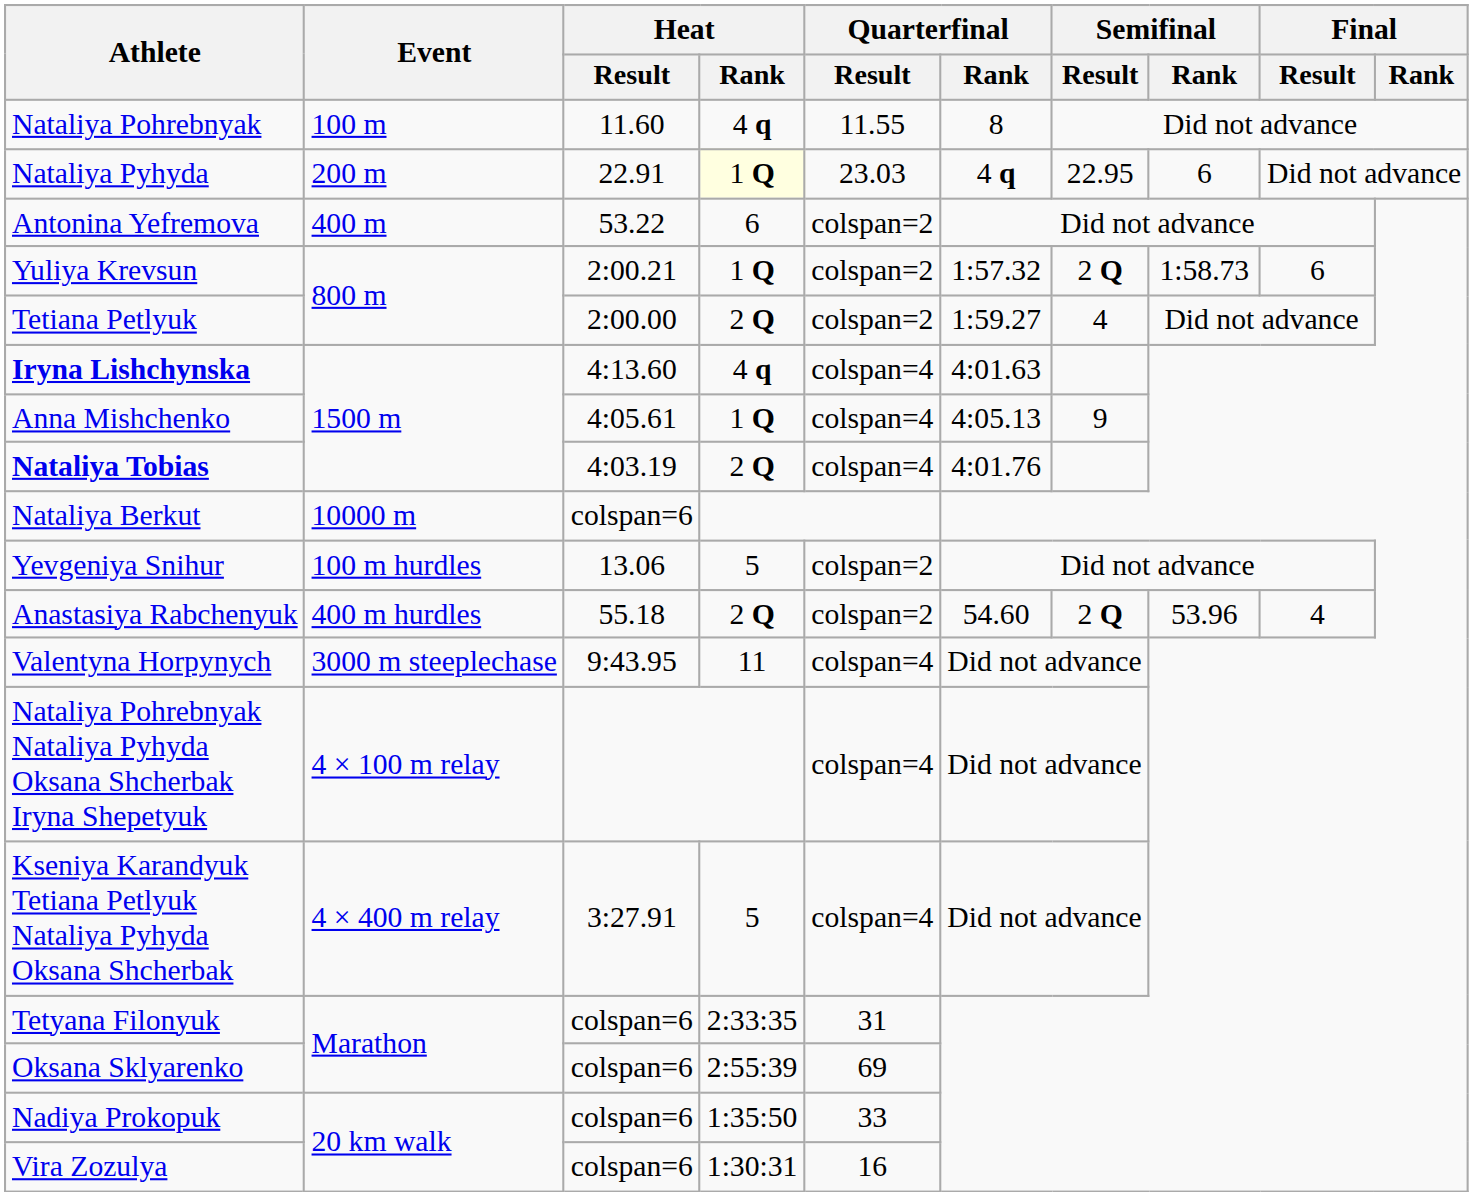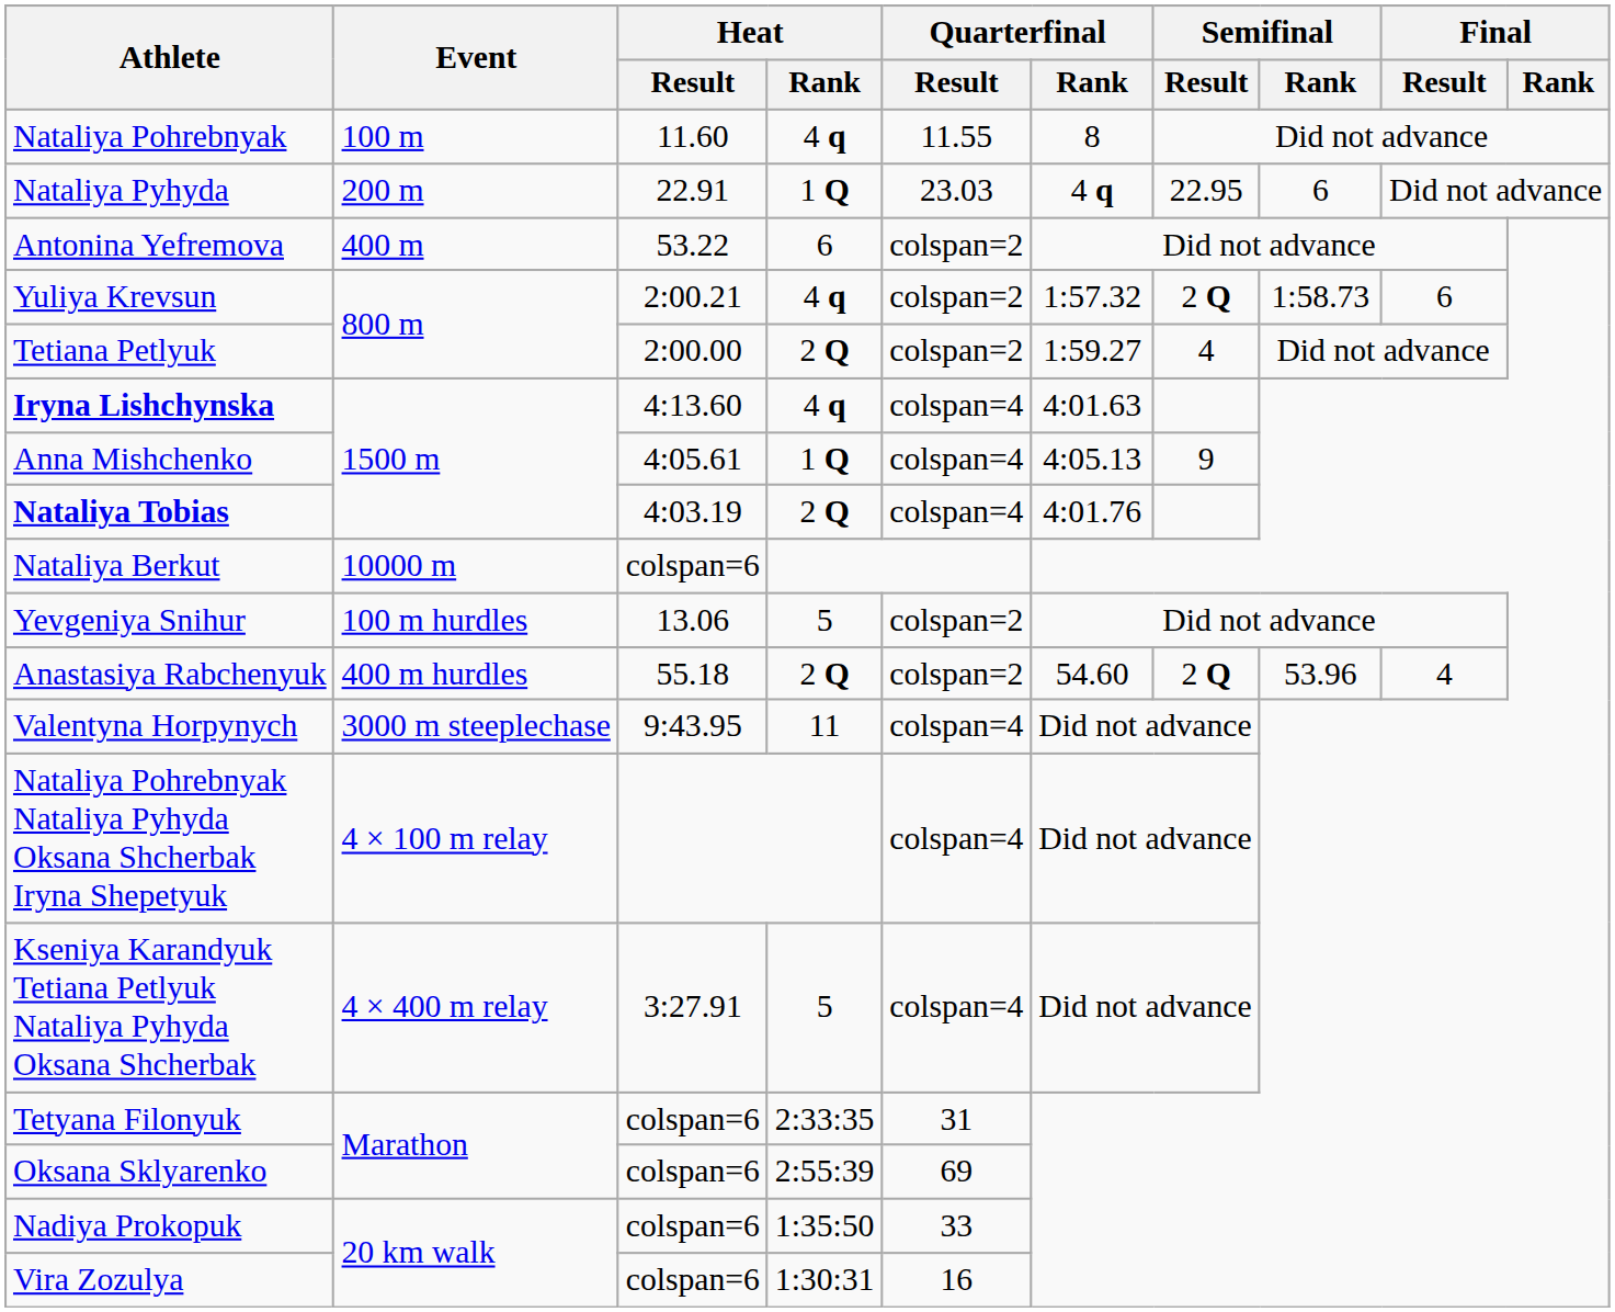 <table class=wikitable style="font-size:90%">
 <tr>
 <th rowspan="2">Athlete</th>
 <th rowspan="2">Event</th>
 <th colspan="2">Heat</th>
 <th colspan="2">Quarterfinal</th>
 <th colspan="2">Semifinal</th>
 <th colspan="2">Final</th>
 </tr>
 <tr style="font-size:95%">
 <th>Result</th>
 <th>Rank</th>
 <th>Result</th>
 <th>Rank</th>
 <th>Result</th>
 <th>Rank</th>
 <th>Result</th>
 <th>Rank</th>
 </tr>
 <tr align=center>
 <td align=left><a href='#'>Nataliya Pohrebnyak</a></td>
 <td align=left><a href='#'>100 m</a></td>
 <td>11.60</td>
 <td>4 <strong>q</strong></td>
 <td>11.55</td>
 <td>8</td>
 <td align=center  colspan=4>Did not advance</td>
 </tr>
 <tr align=center>
 <td align=left><a href='#'>Nataliya Pyhyda</a></td>
 <td align=left><a href='#'>200 m</a></td>
 <td>22.91</td>
-<td style="background: lightyellow;">1 <strong>Q</strong></td>
+<td>1 <strong>Q</strong></td>
 <td>23.03</td>
 <td>4 <strong>q</strong></td>
 <td>22.95</td>
 <td>6</td>
 <td colspan=2>Did not advance</td>
 </tr>
 <tr align=center>
 <td align=left><a href='#'>Antonina Yefremova</a></td>
 <td align=left><a href='#'>400 m</a></td>
 <td>53.22</td>
 <td>6</td>
 <td>colspan=2 </td>
 <td colspan=4>Did not advance</td>
 </tr>
 <tr align=center>
 <td align=left><a href='#'>Yuliya Krevsun</a></td>
 <td align=left rowspan=2><a href='#'>800 m</a></td>
 <td>2:00.21</td>
-<td>1 <strong>Q</strong></td>
+<td>4 <strong>q</strong></td>
 <td>colspan=2 </td>
 <td>1:57.32</td>
 <td>2 <strong>Q</strong></td>
 <td>1:58.73</td>
 <td>6</td>
 </tr>
 <tr align=center>
 <td align=left><a href='#'>Tetiana Petlyuk</a></td>
 <td>2:00.00</td>
 <td>2 <strong>Q</strong></td>
 <td>colspan=2 </td>
 <td>1:59.27</td>
 <td>4</td>
 <td colspan=2>Did not advance</td>
 </tr>
 <tr align=center>
 <td align=left><strong><a href='#'>Iryna Lishchynska</a></strong></td>
 <td align=left rowspan=3><a href='#'>1500 m</a></td>
 <td>4:13.60</td>
 <td>4 <strong>q</strong></td>
 <td>colspan=4 </td>
 <td>4:01.63</td>
 <td></td>
 </tr>
 <tr align=center>
 <td align=left><a href='#'>Anna Mishchenko</a></td>
 <td>4:05.61</td>
 <td>1 <strong>Q</strong></td>
 <td>colspan=4 </td>
 <td>4:05.13</td>
 <td>9</td>
 </tr>
 <tr align=center>
 <td align=left><strong><a href='#'>Nataliya Tobias</a></strong></td>
 <td>4:03.19</td>
 <td>2 <strong>Q</strong></td>
 <td>colspan=4 </td>
 <td>4:01.76</td>
 <td></td>
 </tr>
 <tr align=center>
 <td align=left><a href='#'>Nataliya Berkut</a></td>
 <td align=left><a href='#'>10000 m</a></td>
 <td>colspan=6 </td>
 <td colspan=2></td>
 </tr>
 <tr align=center>
 <td align=left><a href='#'>Yevgeniya Snihur</a></td>
 <td align=left><a href='#'>100 m hurdles</a></td>
 <td>13.06</td>
 <td>5</td>
 <td>colspan=2 </td>
 <td colspan=4>Did not advance</td>
 </tr>
 <tr align=center>
 <td align=left><a href='#'>Anastasiya Rabchenyuk</a></td>
 <td align=left><a href='#'>400 m hurdles</a></td>
 <td>55.18</td>
 <td>2 <strong>Q</strong></td>
 <td>colspan=2 </td>
 <td>54.60</td>
 <td>2 <strong>Q</strong></td>
 <td>53.96</td>
 <td>4</td>
 </tr>
 <tr align=center>
 <td align=left><a href='#'>Valentyna Horpynych</a></td>
 <td align=left><a href='#'>3000 m steeplechase</a></td>
 <td>9:43.95</td>
 <td>11</td>
 <td>colspan=4 </td>
 <td colspan=2>Did not advance</td>
 </tr>
 <tr align=center>
 <td align=left><a href='#'>Nataliya Pohrebnyak</a><br><a href='#'>Nataliya Pyhyda</a><br><a href='#'>Oksana Shcherbak</a><br><a href='#'>Iryna Shepetyuk</a></td>
 <td align=left><a href='#'>4 × 100 m relay</a></td>
 <td colspan=2></td>
 <td>colspan=4 </td>
 <td colspan=2>Did not advance</td>
 </tr>
 <tr align=center>
 <td align=left><a href='#'>Kseniya Karandyuk</a><br> <a href='#'>Tetiana Petlyuk</a><br><a href='#'>Nataliya Pyhyda</a><br><a href='#'>Oksana Shcherbak</a></td>
 <td align=left><a href='#'>4 × 400 m relay</a></td>
 <td>3:27.91</td>
 <td>5</td>
 <td>colspan=4 </td>
 <td colspan=2>Did not advance</td>
 </tr>
 <tr align=center>
 <td align=left><a href='#'>Tetyana Filonyuk</a></td>
 <td align=left rowspan=2><a href='#'>Marathon</a></td>
 <td>colspan=6 </td>
 <td>2:33:35</td>
 <td>31</td>
 </tr>
 <tr align=center>
 <td align=left><a href='#'>Oksana Sklyarenko</a></td>
 <td>colspan=6 </td>
 <td>2:55:39</td>
 <td>69</td>
 </tr>
 <tr align=center>
 <td align=left><a href='#'>Nadiya Prokopuk</a></td>
 <td align=left rowspan=2><a href='#'>20 km walk</a></td>
 <td>colspan=6 </td>
 <td>1:35:50</td>
 <td>33</td>
 </tr>
 <tr align=center>
 <td align=left><a href='#'>Vira Zozulya</a></td>
 <td>colspan=6 </td>
 <td>1:30:31</td>
 <td>16</td>
 </tr>
 </table>
